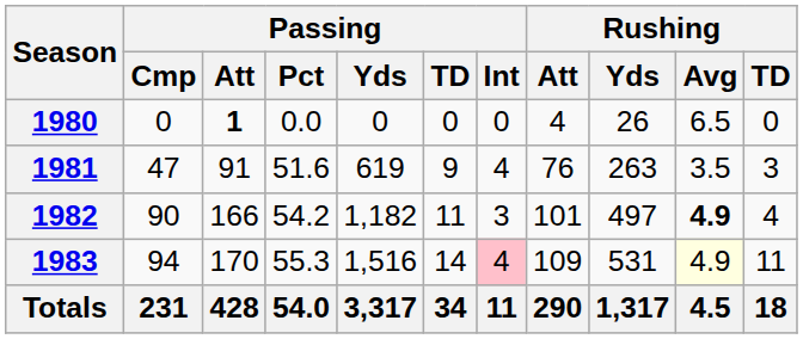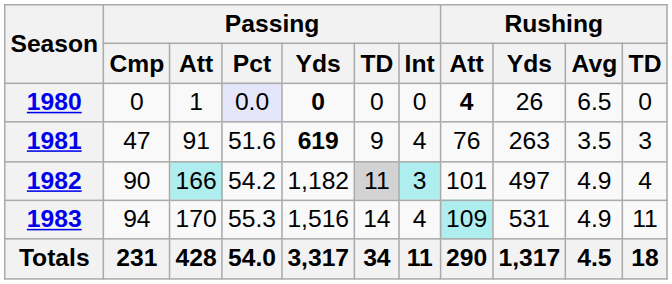 <table class=wikitable style="text-align:center;">
 <tr>
 <th rowspan="2">Season</th>
 <th colspan="6">Passing</th>
 <th colspan="4">Rushing</th>
 </tr>
 <tr>
 <th>Cmp</th>
 <th>Att</th>
 <th>Pct</th>
 <th>Yds</th>
 <th>TD</th>
 <th>Int</th>
 <th>Att</th>
 <th>Yds</th>
 <th>Avg</th>
 <th>TD</th>
 </tr>
 <tr>
 <th><a href='#'>1980</a></th>
 <td>0</td>
-<td><strong>1</strong></td>
-<td>0.0</td>
+<td>1</td>
+<td style="background: lavender;">0.0</td>
+<td><strong>0</strong></td>
 <td>0</td>
 <td>0</td>
-<td>0</td>
-<td>4</td>
+<td><strong>4</strong></td>
 <td>26</td>
 <td>6.5</td>
 <td>0</td>
 </tr>
 <tr>
 <th><a href='#'>1981</a></th>
 <td>47</td>
 <td>91</td>
 <td>51.6</td>
-<td>619</td>
+<td><strong>619</strong></td>
 <td>9</td>
 <td>4</td>
 <td>76</td>
 <td>263</td>
 <td>3.5</td>
 <td>3</td>
 </tr>
 <tr>
 <th><a href='#'>1982</a></th>
 <td>90</td>
-<td>166</td>
+<td style="background: paleturquoise;">166</td>
 <td>54.2</td>
 <td>1,182</td>
-<td>11</td>
-<td>3</td>
+<td style="background: lightgrey;">11</td>
+<td style="background: paleturquoise;">3</td>
 <td>101</td>
 <td>497</td>
-<td><strong>4.9</strong></td>
+<td>4.9</td>
 <td>4</td>
 </tr>
 <tr>
 <th><a href='#'>1983</a></th>
 <td>94</td>
 <td>170</td>
 <td>55.3</td>
 <td>1,516</td>
 <td>14</td>
-<td style="background: pink;">4</td>
-<td>109</td>
+<td>4</td>
+<td style="background: paleturquoise;">109</td>
 <td>531</td>
-<td style="background: lightyellow;">4.9</td>
+<td>4.9</td>
 <td>11</td>
 </tr>
 <tr>
 <th>Totals</th>
 <th>231</th>
 <th>428</th>
 <th>54.0</th>
 <th>3,317</th>
 <th>34</th>
 <th>11</th>
 <th>290</th>
 <th>1,317</th>
 <th>4.5</th>
 <th>18</th>
 </tr>
 </table>
